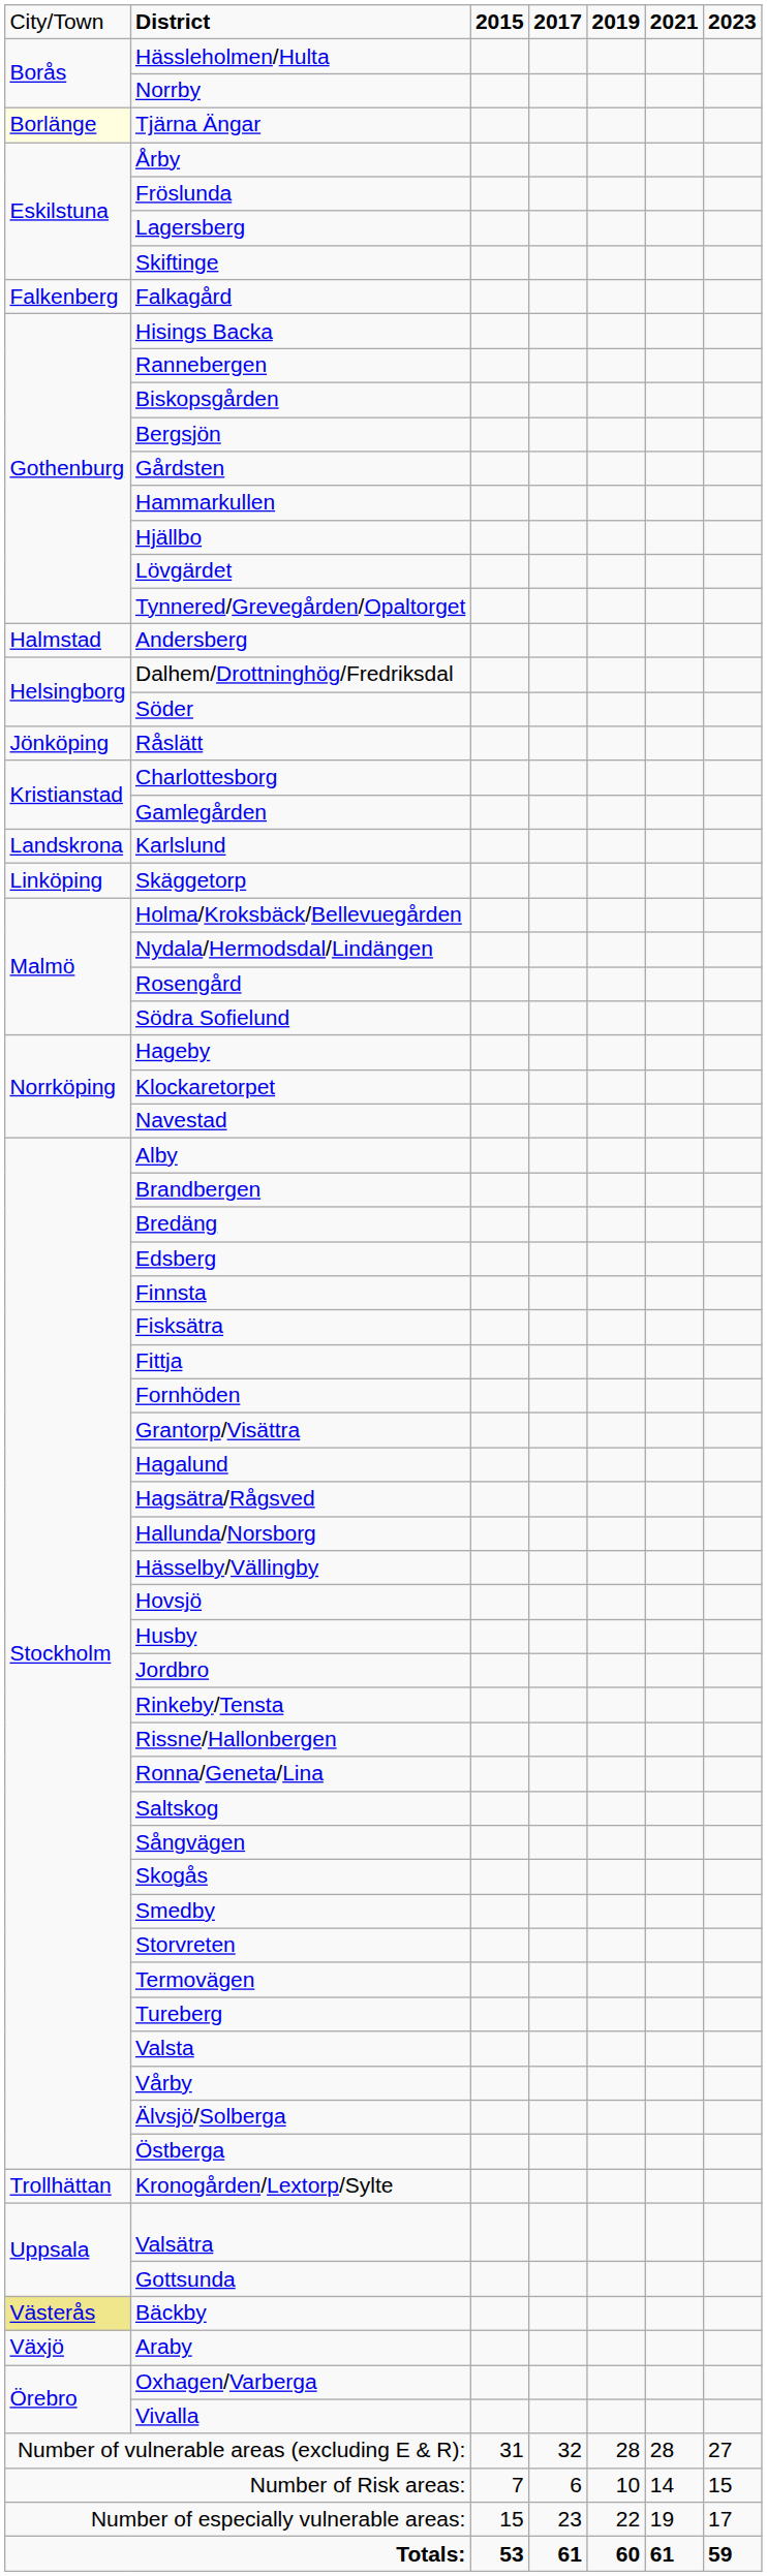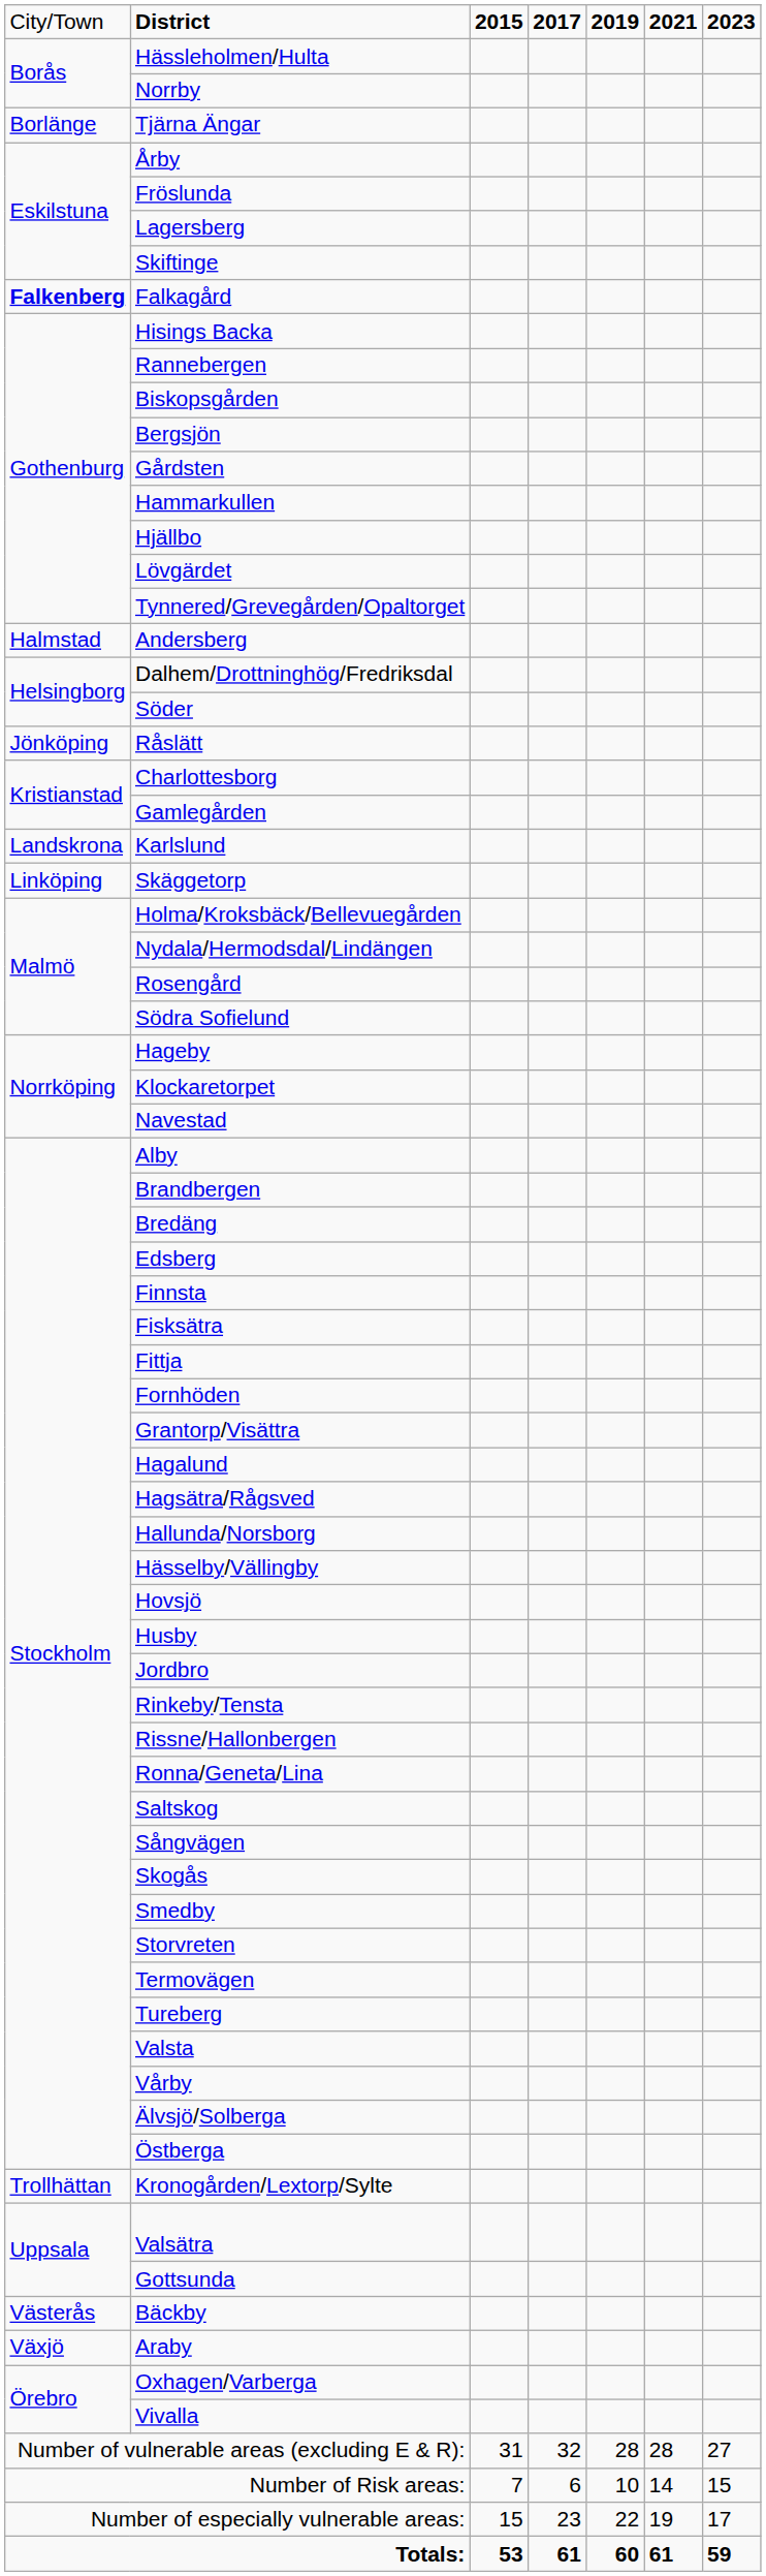 <table class="wikitable">
 <tr>
 <td>City/Town</td>
 <td><strong>District</strong></td>
 <td><strong>2015</strong></td>
 <td><strong>2017</strong></td>
 <td><strong>2019</strong></td>
 <td><strong>2021</strong></td>
 <td><strong>2023</strong></td>
 </tr>
 <tr>
 <td rowspan="2"><a href='#'>Borås</a></td>
 <td><a href='#'>Hässleholmen</a>/<a href='#'>Hulta</a></td>
 <td></td>
 <td></td>
 <td></td>
 <td></td>
 <td></td>
 </tr>
 <tr>
 <td><a href='#'>Norrby</a></td>
 <td></td>
 <td></td>
 <td></td>
 <td></td>
 <td></td>
 </tr>
 <tr>
-<td style="background: lightyellow;"><a href='#'>Borlänge</a></td>
+<td><a href='#'>Borlänge</a></td>
 <td><a href='#'>Tjärna Ängar</a></td>
 <td></td>
 <td></td>
 <td></td>
 <td></td>
 <td></td>
 </tr>
 <tr>
 <td rowspan="4"><a href='#'>Eskilstuna</a></td>
 <td><a href='#'>Årby</a></td>
 <td></td>
 <td></td>
 <td></td>
 <td></td>
 <td></td>
 </tr>
 <tr>
 <td><a href='#'>Fröslunda</a></td>
 <td></td>
 <td></td>
 <td></td>
 <td></td>
 <td></td>
 </tr>
 <tr>
 <td><a href='#'>Lagersberg</a></td>
 <td></td>
 <td></td>
 <td></td>
 <td></td>
 <td></td>
 </tr>
 <tr>
 <td><a href='#'>Skiftinge</a></td>
 <td></td>
 <td></td>
 <td></td>
 <td></td>
 <td></td>
 </tr>
 <tr>
-<td><a href='#'>Falkenberg</a></td>
+<td><strong><a href='#'>Falkenberg</a></strong></td>
 <td><a href='#'>Falkagård</a></td>
 <td></td>
 <td></td>
 <td></td>
 <td></td>
 <td></td>
 </tr>
 <tr>
 <td rowspan="9"><a href='#'>Gothenburg</a></td>
 <td><a href='#'>Hisings Backa</a></td>
 <td></td>
 <td></td>
 <td></td>
 <td></td>
 <td></td>
 </tr>
 <tr>
 <td><a href='#'>Rannebergen</a></td>
 <td></td>
 <td></td>
 <td></td>
 <td></td>
 <td></td>
 </tr>
 <tr>
 <td><a href='#'>Biskopsgården</a></td>
 <td></td>
 <td></td>
 <td></td>
 <td></td>
 <td></td>
 </tr>
 <tr>
 <td><a href='#'>Bergsjön</a></td>
 <td></td>
 <td></td>
 <td></td>
 <td></td>
 <td></td>
 </tr>
 <tr>
 <td><a href='#'>Gårdsten</a></td>
 <td></td>
 <td></td>
 <td></td>
 <td></td>
 <td></td>
 </tr>
 <tr>
 <td><a href='#'>Hammarkullen</a></td>
 <td></td>
 <td></td>
 <td></td>
 <td></td>
 <td></td>
 </tr>
 <tr>
 <td><a href='#'>Hjällbo</a></td>
 <td></td>
 <td></td>
 <td></td>
 <td></td>
 <td></td>
 </tr>
 <tr>
 <td><a href='#'>Lövgärdet</a></td>
 <td></td>
 <td></td>
 <td></td>
 <td></td>
 <td></td>
 </tr>
 <tr>
 <td><a href='#'>Tynnered</a>/<a href='#'>Grevegården</a>/<a href='#'>Opaltorget</a></td>
 <td></td>
 <td></td>
 <td></td>
 <td></td>
 <td></td>
 </tr>
 <tr>
 <td><a href='#'>Halmstad</a></td>
 <td><a href='#'>Andersberg</a></td>
 <td></td>
 <td></td>
 <td></td>
 <td></td>
 <td></td>
 </tr>
 <tr>
 <td rowspan="2"><a href='#'>Helsingborg</a></td>
 <td>Dalhem/<a href='#'>Drottninghög</a>/Fredriksdal</td>
 <td></td>
 <td></td>
 <td></td>
 <td></td>
 <td></td>
 </tr>
 <tr>
 <td><a href='#'>Söder</a></td>
 <td></td>
 <td></td>
 <td></td>
 <td></td>
 <td></td>
 </tr>
 <tr>
 <td><a href='#'>Jönköping</a></td>
 <td><a href='#'>Råslätt</a></td>
 <td></td>
 <td></td>
 <td></td>
 <td></td>
 <td></td>
 </tr>
 <tr>
 <td rowspan="2"><a href='#'>Kristianstad</a></td>
 <td><a href='#'>Charlottesborg</a></td>
 <td></td>
 <td></td>
 <td></td>
 <td></td>
 <td></td>
 </tr>
 <tr>
 <td><a href='#'>Gamlegården</a></td>
 <td></td>
 <td></td>
 <td></td>
 <td></td>
 <td></td>
 </tr>
 <tr>
 <td><a href='#'>Landskrona</a></td>
 <td><a href='#'>Karlslund</a></td>
 <td></td>
 <td></td>
 <td></td>
 <td></td>
 <td></td>
 </tr>
 <tr>
 <td><a href='#'>Linköping</a></td>
 <td><a href='#'>Skäggetorp</a></td>
 <td></td>
 <td></td>
 <td></td>
 <td></td>
 <td></td>
 </tr>
 <tr>
 <td rowspan="4"><a href='#'>Malmö</a></td>
 <td><a href='#'>Holma</a>/<a href='#'>Kroksbäck</a>/<a href='#'>Bellevuegården</a></td>
 <td></td>
 <td></td>
 <td></td>
 <td></td>
 <td></td>
 </tr>
 <tr>
 <td><a href='#'>Nydala</a>/<a href='#'>Hermodsdal</a>/<a href='#'>Lindängen</a></td>
 <td></td>
 <td></td>
 <td></td>
 <td></td>
 <td></td>
 </tr>
 <tr>
 <td><a href='#'>Rosengård</a></td>
 <td></td>
 <td></td>
 <td></td>
 <td></td>
 <td></td>
 </tr>
 <tr>
 <td><a href='#'>Södra Sofielund</a></td>
 <td></td>
 <td></td>
 <td></td>
 <td></td>
 <td></td>
 </tr>
 <tr>
 <td rowspan="3"><a href='#'>Norrköping</a></td>
 <td><a href='#'>Hageby</a></td>
 <td></td>
 <td></td>
 <td></td>
 <td></td>
 <td></td>
 </tr>
 <tr>
 <td><a href='#'>Klockaretorpet</a></td>
 <td></td>
 <td></td>
 <td></td>
 <td></td>
 <td></td>
 </tr>
 <tr>
 <td><a href='#'>Navestad</a></td>
 <td></td>
 <td></td>
 <td></td>
 <td></td>
 <td></td>
 </tr>
 <tr>
 <td rowspan="30"><a href='#'>Stockholm</a></td>
 <td><a href='#'>Alby</a></td>
 <td></td>
 <td></td>
 <td></td>
 <td></td>
 <td></td>
 </tr>
 <tr>
 <td><a href='#'>Brandbergen</a></td>
 <td></td>
 <td></td>
 <td></td>
 <td></td>
 <td></td>
 </tr>
 <tr>
 <td><a href='#'>Bredäng</a></td>
 <td></td>
 <td></td>
 <td></td>
 <td></td>
 <td></td>
 </tr>
 <tr>
 <td><a href='#'>Edsberg</a></td>
 <td></td>
 <td></td>
 <td></td>
 <td></td>
 <td></td>
 </tr>
 <tr>
 <td><a href='#'>Finnsta</a></td>
 <td></td>
 <td></td>
 <td></td>
 <td></td>
 <td></td>
 </tr>
 <tr>
 <td><a href='#'>Fisksätra</a></td>
 <td></td>
 <td></td>
 <td></td>
 <td></td>
 <td></td>
 </tr>
 <tr>
 <td><a href='#'>Fittja</a></td>
 <td></td>
 <td></td>
 <td></td>
 <td></td>
 <td></td>
 </tr>
 <tr>
 <td><a href='#'>Fornhöden</a></td>
 <td></td>
 <td></td>
 <td></td>
 <td></td>
 <td></td>
 </tr>
 <tr>
 <td><a href='#'>Grantorp</a>/<a href='#'>Visättra</a></td>
 <td></td>
 <td></td>
 <td></td>
 <td></td>
 <td></td>
 </tr>
 <tr>
 <td><a href='#'>Hagalund</a></td>
 <td></td>
 <td></td>
 <td></td>
 <td></td>
 <td></td>
 </tr>
 <tr>
 <td><a href='#'>Hagsätra</a>/<a href='#'>Rågsved</a></td>
 <td></td>
 <td></td>
 <td></td>
 <td></td>
 <td></td>
 </tr>
 <tr>
 <td><a href='#'>Hallunda</a>/<a href='#'>Norsborg</a></td>
 <td></td>
 <td></td>
 <td></td>
 <td></td>
 <td></td>
 </tr>
 <tr>
 <td><a href='#'>Hässelby</a>/<a href='#'>Vällingby</a></td>
 <td></td>
 <td></td>
 <td></td>
 <td></td>
 <td></td>
 </tr>
 <tr>
 <td><a href='#'>Hovsjö</a></td>
 <td></td>
 <td></td>
 <td></td>
 <td></td>
 <td></td>
 </tr>
 <tr>
 <td><a href='#'>Husby</a></td>
 <td></td>
 <td></td>
 <td></td>
 <td></td>
 <td></td>
 </tr>
 <tr>
 <td><a href='#'>Jordbro</a></td>
 <td></td>
 <td></td>
 <td></td>
 <td></td>
 <td></td>
 </tr>
 <tr>
 <td><a href='#'>Rinkeby</a>/<a href='#'>Tensta</a></td>
 <td></td>
 <td></td>
 <td></td>
 <td></td>
 <td></td>
 </tr>
 <tr>
 <td><a href='#'>Rissne</a>/<a href='#'>Hallonbergen</a></td>
 <td></td>
 <td></td>
 <td></td>
 <td></td>
 <td></td>
 </tr>
 <tr>
 <td><a href='#'>Ronna</a>/<a href='#'>Geneta</a>/<a href='#'>Lina</a></td>
 <td></td>
 <td></td>
 <td></td>
 <td></td>
 <td></td>
 </tr>
 <tr>
 <td><a href='#'>Saltskog</a></td>
 <td></td>
 <td></td>
 <td></td>
 <td></td>
 <td></td>
 </tr>
 <tr>
 <td><a href='#'>Sångvägen</a></td>
 <td></td>
 <td></td>
 <td></td>
 <td></td>
 <td></td>
 </tr>
 <tr>
 <td><a href='#'>Skogås</a></td>
 <td></td>
 <td></td>
 <td></td>
 <td></td>
 <td></td>
 </tr>
 <tr>
 <td><a href='#'>Smedby</a></td>
 <td></td>
 <td></td>
 <td></td>
 <td></td>
 <td></td>
 </tr>
 <tr>
 <td><a href='#'>Storvreten</a></td>
 <td></td>
 <td></td>
 <td></td>
 <td></td>
 <td></td>
 </tr>
 <tr>
 <td><a href='#'>Termovägen</a></td>
 <td></td>
 <td></td>
 <td></td>
 <td></td>
 <td></td>
 </tr>
 <tr>
 <td><a href='#'>Tureberg</a></td>
 <td></td>
 <td></td>
 <td></td>
 <td></td>
 <td></td>
 </tr>
 <tr>
 <td><a href='#'>Valsta</a></td>
 <td></td>
 <td></td>
 <td></td>
 <td></td>
 <td></td>
 </tr>
 <tr>
 <td><a href='#'>Vårby</a></td>
 <td></td>
 <td></td>
 <td></td>
 <td></td>
 <td></td>
 </tr>
 <tr>
 <td><a href='#'>Älvsjö</a>/<a href='#'>Solberga</a></td>
 <td></td>
 <td></td>
 <td></td>
 <td></td>
 <td></td>
 </tr>
 <tr>
 <td><a href='#'>Östberga</a></td>
 <td></td>
 <td></td>
 <td></td>
 <td></td>
 <td></td>
 </tr>
 <tr>
 <td><a href='#'>Trollhättan</a></td>
 <td><a href='#'>Kronogården</a>/<a href='#'>Lextorp</a>/Sylte</td>
 <td></td>
 <td></td>
 <td></td>
 <td></td>
 <td></td>
 </tr>
 <tr>
 <td rowspan="2"><a href='#'>Uppsala</a></td>
 <td><br><a href='#'>Valsätra</a></td>
 <td></td>
 <td></td>
 <td></td>
 <td></td>
 <td></td>
 </tr>
 <tr>
 <td><a href='#'>Gottsunda</a></td>
 <td></td>
 <td></td>
 <td></td>
 <td></td>
 <td></td>
 </tr>
 <tr>
-<td style="background: khaki;"><a href='#'>Västerås</a></td>
+<td><a href='#'>Västerås</a></td>
 <td><a href='#'>Bäckby</a></td>
 <td></td>
 <td></td>
 <td></td>
 <td></td>
 <td></td>
 </tr>
 <tr>
 <td><a href='#'>Växjö</a></td>
 <td><a href='#'>Araby</a></td>
 <td></td>
 <td></td>
 <td></td>
 <td></td>
 <td></td>
 </tr>
 <tr>
 <td rowspan="2"><a href='#'>Örebro</a></td>
 <td><a href='#'>Oxhagen</a>/<a href='#'>Varberga</a></td>
 <td></td>
 <td></td>
 <td></td>
 <td></td>
 <td></td>
 </tr>
 <tr>
 <td><a href='#'>Vivalla</a></td>
 <td></td>
 <td></td>
 <td></td>
 <td></td>
 <td></td>
 </tr>
 <tr>
 <td colspan="2" style="text-align:right;">Number of vulnerable areas (excluding E & R): </td>
 <td style="text-align:right;">31</td>
 <td style="text-align:right;">32</td>
 <td style="text-align:right;">28</td>
 <td>28</td>
 <td>27</td>
 </tr>
 <tr>
 <td colspan="2" style="text-align:right;">Number of Risk areas: </td>
 <td style="text-align:right;">7</td>
 <td style="text-align:right;">6</td>
 <td style="text-align:right;">10</td>
 <td>14</td>
 <td>15</td>
 </tr>
 <tr>
 <td colspan="2" style="text-align:right;">Number of especially vulnerable areas: </td>
 <td style="text-align:right;">15</td>
 <td style="text-align:right;">23</td>
 <td style="text-align:right;">22</td>
 <td>19</td>
 <td>17</td>
 </tr>
 <tr>
 <td colspan="2" style="text-align:right;"><strong>Totals:</strong></td>
 <td style="text-align:right;"><strong>53</strong></td>
 <td style="text-align:right;"><strong>61</strong></td>
 <td style="text-align:right;"><strong>60</strong></td>
 <td><strong>61</strong></td>
 <td><strong>59</strong></td>
 </tr>
 </table>
